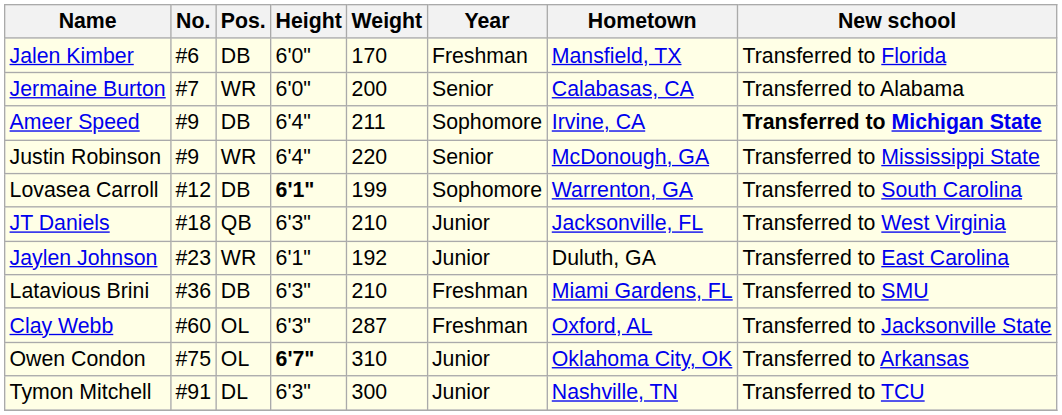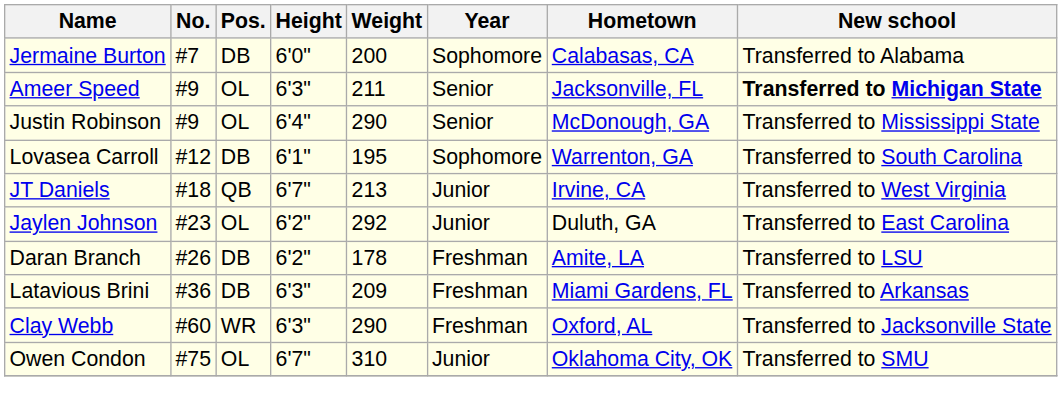 <table class="wikitable sortable">
 <tr>
 <th>Name</th>
 <th>No.</th>
 <th>Pos.</th>
 <th>Height</th>
 <th>Weight</th>
 <th>Year</th>
 <th>Hometown</th>
 <th class="unsortable">New school</th>
 </tr>
 <tr style="background:#FFFFE6;">
-<td><a href='#'>Jalen Kimber</a></td>
-<td>#6</td>
+<td><a href='#'>Jermaine Burton</a></td>
+<td>#7</td>
 <td>DB</td>
 <td>6'0"</td>
-<td>170</td>
-<td> Freshman</td>
-<td><a href='#'>Mansfield, TX</a></td>
-<td>Transferred to <a href='#'>Florida</a></td>
-</tr>
-<tr style="background:#FFFFE6;">
-<td><a href='#'>Jermaine Burton</a></td>
-<td>#7</td>
-<td>WR</td>
-<td>6'0"</td>
 <td>200</td>
-<td>Senior</td>
+<td>Sophomore</td>
 <td><a href='#'>Calabasas, CA</a></td>
 <td>Transferred to Alabama</td>
 </tr>
 <tr style="background:#FFFFE6;">
 <td><a href='#'>Ameer Speed</a></td>
 <td>#9</td>
-<td>DB</td>
-<td>6'4"</td>
+<td>OL</td>
+<td>6'3"</td>
 <td>211</td>
-<td>Sophomore</td>
-<td><a href='#'>Irvine, CA</a></td>
+<td>Senior</td>
+<td><a href='#'>Jacksonville, FL</a></td>
 <td><strong>Transferred to <a href='#'>Michigan State</a></strong></td>
 </tr>
 <tr style="background:#FFFFE6;">
 <td>Justin Robinson</td>
 <td>#9</td>
-<td>WR</td>
+<td>OL</td>
 <td>6'4"</td>
-<td>220</td>
+<td>290</td>
 <td>Senior</td>
 <td><a href='#'>McDonough, GA</a></td>
 <td>Transferred to <a href='#'>Mississippi State</a></td>
 </tr>
 <tr style="background:#FFFFE6;">
 <td>Lovasea Carroll</td>
 <td>#12</td>
 <td>DB</td>
-<td><strong>6'1"</strong></td>
-<td>199</td>
+<td>6'1"</td>
+<td>195</td>
 <td>Sophomore</td>
 <td><a href='#'>Warrenton, GA</a></td>
 <td>Transferred to <a href='#'>South Carolina</a></td>
 </tr>
 <tr style="background:#FFFFE6;">
 <td><a href='#'>JT Daniels</a></td>
 <td>#18</td>
 <td>QB</td>
-<td>6'3"</td>
-<td>210</td>
+<td>6'7"</td>
+<td>213</td>
 <td> Junior</td>
-<td><a href='#'>Jacksonville, FL</a></td>
+<td><a href='#'>Irvine, CA</a></td>
 <td>Transferred to <a href='#'>West Virginia</a></td>
 </tr>
 <tr style="background:#FFFFE6;">
 <td><a href='#'>Jaylen Johnson</a></td>
 <td>#23</td>
-<td>WR</td>
-<td>6'1"</td>
-<td>192</td>
+<td>OL</td>
+<td>6'2"</td>
+<td>292</td>
 <td>Junior</td>
 <td>Duluth, GA</td>
 <td>Transferred to <a href='#'>East Carolina</a></td>
+</tr>
+<tr style="background:#FFFFE6;">
+<td>Daran Branch</td>
+<td>#26</td>
+<td>DB</td>
+<td>6'2"</td>
+<td>178</td>
+<td>Freshman</td>
+<td><a href='#'>Amite, LA</a></td>
+<td>Transferred to <a href='#'>LSU</a></td>
 </tr>
 <tr style="background:#FFFFE6;">
 <td>Latavious Brini</td>
 <td>#36</td>
 <td>DB</td>
 <td>6'3"</td>
-<td>210</td>
+<td>209</td>
 <td> Freshman</td>
 <td><a href='#'>Miami Gardens, FL</a></td>
-<td>Transferred to <a href='#'>SMU</a></td>
+<td>Transferred to <a href='#'>Arkansas</a></td>
 </tr>
 <tr style="background:#FFFFE6;">
 <td><a href='#'>Clay Webb</a></td>
 <td>#60</td>
-<td>OL</td>
+<td>WR</td>
 <td>6'3"</td>
-<td>287</td>
+<td>290</td>
 <td>Freshman</td>
 <td><a href='#'>Oxford, AL</a></td>
 <td>Transferred to <a href='#'>Jacksonville State</a></td>
 </tr>
 <tr style="background:#FFFFE6;">
 <td>Owen Condon</td>
 <td>#75</td>
 <td>OL</td>
-<td><strong>6'7"</strong></td>
+<td>6'7"</td>
 <td>310</td>
 <td>Junior</td>
 <td><a href='#'>Oklahoma City, OK</a></td>
-<td>Transferred to <a href='#'>Arkansas</a></td>
-</tr>
-<tr style="background:#FFFFE6;">
-<td>Tymon Mitchell</td>
-<td>#91</td>
-<td>DL</td>
-<td>6'3"</td>
-<td>300</td>
-<td>Junior</td>
-<td><a href='#'>Nashville, TN</a></td>
-<td>Transferred to <a href='#'>TCU</a></td>
+<td>Transferred to <a href='#'>SMU</a></td>
 </tr>
 <tr>
 </tr>
 </table>
